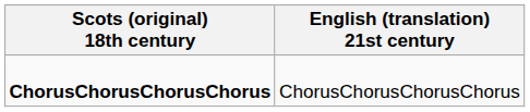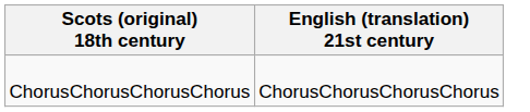 <table class="wikitable">
 <tr>
 <th>Scots (original)<br>18th century</th>
 <th>English (translation)<br>21st century</th>
 </tr>
 <tr>
-<td><strong><br>ChorusChorusChorusChorus</strong></td>
+<td><br>ChorusChorusChorusChorus</td>
 <td><br>ChorusChorusChorusChorus</td>
 </tr>
 </table>
